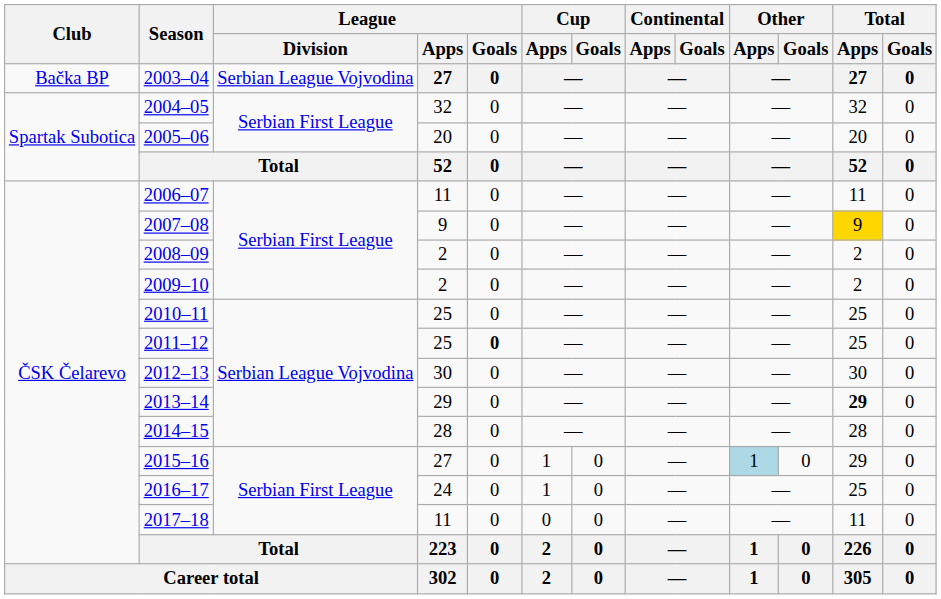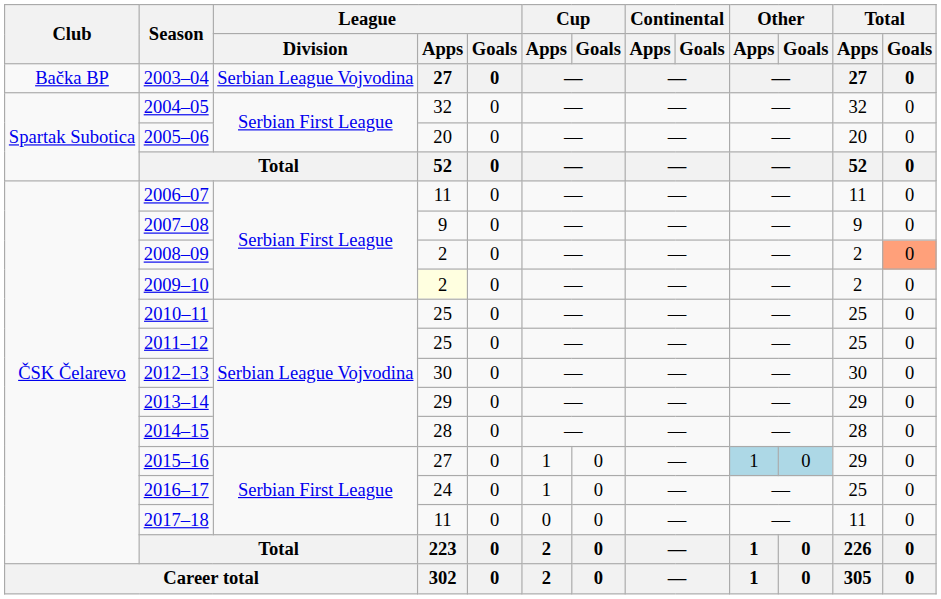 <table class="wikitable" style="text-align:center">
 <tr>
 <th rowspan="2">Club</th>
 <th rowspan="2">Season</th>
 <th colspan="3">League</th>
 <th colspan="2">Cup</th>
 <th colspan="2">Continental</th>
 <th colspan="2">Other</th>
 <th colspan="2">Total</th>
 </tr>
 <tr>
 <th>Division</th>
 <th>Apps</th>
 <th>Goals</th>
 <th>Apps</th>
 <th>Goals</th>
 <th>Apps</th>
 <th>Goals</th>
 <th>Apps</th>
 <th>Goals</th>
 <th>Apps</th>
 <th>Goals</th>
 </tr>
 <tr>
 <td><a href='#'>Bačka BP</a></td>
 <td><a href='#'>2003–04</a></td>
 <td><a href='#'>Serbian League Vojvodina</a></td>
 <th>27</th>
 <th>0</th>
 <th colspan="2">—</th>
 <th colspan="2">—</th>
 <th colspan="2">—</th>
 <th>27</th>
 <th>0</th>
 </tr>
 <tr>
 <td rowspan="3"><a href='#'>Spartak Subotica</a></td>
 <td><a href='#'>2004–05</a></td>
 <td rowspan="2"><a href='#'>Serbian First League</a></td>
 <td>32</td>
 <td>0</td>
 <td colspan="2">—</td>
 <td colspan="2">—</td>
 <td colspan="2">—</td>
 <td>32</td>
 <td>0</td>
 </tr>
 <tr>
 <td><a href='#'>2005–06</a></td>
 <td>20</td>
 <td>0</td>
 <td colspan="2">—</td>
 <td colspan="2">—</td>
 <td colspan="2">—</td>
 <td>20</td>
 <td>0</td>
 </tr>
 <tr>
 <th colspan="2">Total</th>
 <th>52</th>
 <th>0</th>
 <th colspan="2">—</th>
 <th colspan="2">—</th>
 <th colspan="2">—</th>
 <th>52</th>
 <th>0</th>
 </tr>
 <tr>
 <td rowspan="13"><a href='#'>ČSK Čelarevo</a></td>
 <td><a href='#'>2006–07</a></td>
 <td rowspan="4"><a href='#'>Serbian First League</a></td>
 <td>11</td>
 <td>0</td>
 <td colspan="2">—</td>
 <td colspan="2">—</td>
 <td colspan="2">—</td>
 <td>11</td>
 <td>0</td>
 </tr>
 <tr>
 <td><a href='#'>2007–08</a></td>
 <td>9</td>
 <td>0</td>
 <td colspan="2">—</td>
 <td colspan="2">—</td>
 <td colspan="2">—</td>
-<td style="background: gold;">9</td>
+<td>9</td>
 <td>0</td>
 </tr>
 <tr>
 <td><a href='#'>2008–09</a></td>
 <td>2</td>
 <td>0</td>
 <td colspan="2">—</td>
 <td colspan="2">—</td>
 <td colspan="2">—</td>
 <td>2</td>
-<td>0</td>
+<td style="background: lightsalmon;">0</td>
 </tr>
 <tr>
 <td><a href='#'>2009–10</a></td>
-<td>2</td>
+<td style="background: lightyellow;">2</td>
 <td>0</td>
 <td colspan="2">—</td>
 <td colspan="2">—</td>
 <td colspan="2">—</td>
 <td>2</td>
 <td>0</td>
 </tr>
 <tr>
 <td><a href='#'>2010–11</a></td>
 <td rowspan="5"><a href='#'>Serbian League Vojvodina</a></td>
 <td>25</td>
 <td>0</td>
 <td colspan="2">—</td>
 <td colspan="2">—</td>
 <td colspan="2">—</td>
 <td>25</td>
 <td>0</td>
 </tr>
 <tr>
 <td><a href='#'>2011–12</a></td>
 <td>25</td>
-<td><strong>0</strong></td>
+<td>0</td>
 <td colspan="2">—</td>
 <td colspan="2">—</td>
 <td colspan="2">—</td>
 <td>25</td>
 <td>0</td>
 </tr>
 <tr>
 <td><a href='#'>2012–13</a></td>
 <td>30</td>
 <td>0</td>
 <td colspan="2">—</td>
 <td colspan="2">—</td>
 <td colspan="2">—</td>
 <td>30</td>
 <td>0</td>
 </tr>
 <tr>
 <td><a href='#'>2013–14</a></td>
 <td>29</td>
 <td>0</td>
 <td colspan="2">—</td>
 <td colspan="2">—</td>
 <td colspan="2">—</td>
-<td><strong>29</strong></td>
+<td>29</td>
 <td>0</td>
 </tr>
 <tr>
 <td><a href='#'>2014–15</a></td>
 <td>28</td>
 <td>0</td>
 <td colspan="2">—</td>
 <td colspan="2">—</td>
 <td colspan="2">—</td>
 <td>28</td>
 <td>0</td>
 </tr>
 <tr>
 <td><a href='#'>2015–16</a></td>
 <td rowspan="3"><a href='#'>Serbian First League</a></td>
 <td>27</td>
 <td>0</td>
 <td>1</td>
 <td>0</td>
 <td colspan="2">—</td>
 <td style="background: lightblue;">1</td>
-<td>0</td>
+<td style="background: lightblue;">0</td>
 <td>29</td>
 <td>0</td>
 </tr>
 <tr>
 <td><a href='#'>2016–17</a></td>
 <td>24</td>
 <td>0</td>
 <td>1</td>
 <td>0</td>
 <td colspan="2">—</td>
 <td colspan="2">—</td>
 <td>25</td>
 <td>0</td>
 </tr>
 <tr>
 <td><a href='#'>2017–18</a></td>
 <td>11</td>
 <td>0</td>
 <td>0</td>
 <td>0</td>
 <td colspan="2">—</td>
 <td colspan="2">—</td>
 <td>11</td>
 <td>0</td>
 </tr>
 <tr>
 <th colspan="2">Total</th>
 <th>223</th>
 <th>0</th>
 <th>2</th>
 <th>0</th>
 <th colspan="2">—</th>
 <th>1</th>
 <th>0</th>
 <th>226</th>
 <th>0</th>
 </tr>
 <tr>
 <th colspan="3">Career total</th>
 <th>302</th>
 <th>0</th>
 <th>2</th>
 <th>0</th>
 <th colspan="2">—</th>
 <th>1</th>
 <th>0</th>
 <th>305</th>
 <th>0</th>
 </tr>
 </table>
